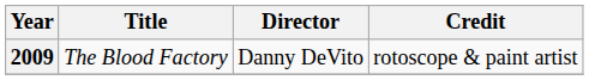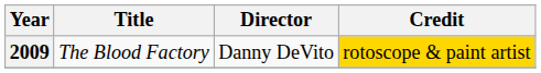 <table class="wikitable plainrowheaders sortable">
 <tr>
 <th scope="col">Year</th>
 <th scope="col">Title</th>
 <th scope="col">Director</th>
 <th scope="col">Credit</th>
 </tr>
 <tr>
 <th scope="row">2009</th>
 <td><em>The Blood Factory</em></td>
 <td>Danny DeVito</td>
-<td>rotoscope & paint artist</td>
+<td style="background: gold;">rotoscope & paint artist</td>
 </tr>
 <tr>
 </tr>
 </table>
